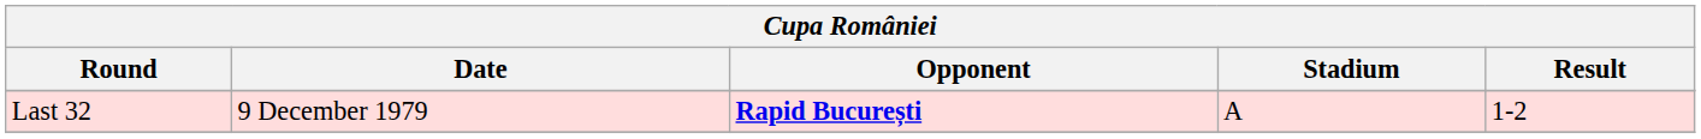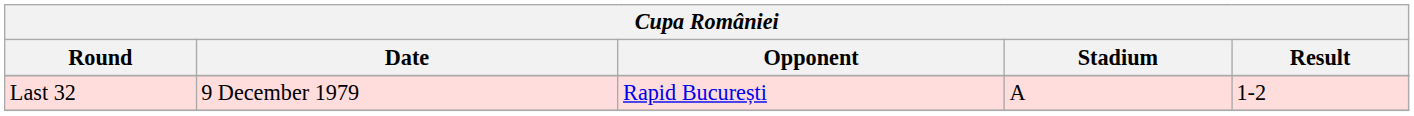 <table class="wikitable" style="width:80%;">
 <tr>
 <th colspan="5" style="text-align:center;"><em>Cupa României</em></th>
 </tr>
 <tr>
 <th>Round</th>
 <th>Date</th>
 <th>Opponent</th>
 <th>Stadium</th>
 <th>Result</th>
 </tr>
 <tr>
 </tr>
 <tr bgcolor="#ffdddd">
 <td>Last 32</td>
 <td>9 December 1979</td>
-<td><strong><a href='#'>Rapid București</a></strong></td>
+<td><a href='#'>Rapid București</a></td>
 <td>A</td>
 <td>1-2</td>
 </tr>
 <tr>
 </tr>
 </table>
